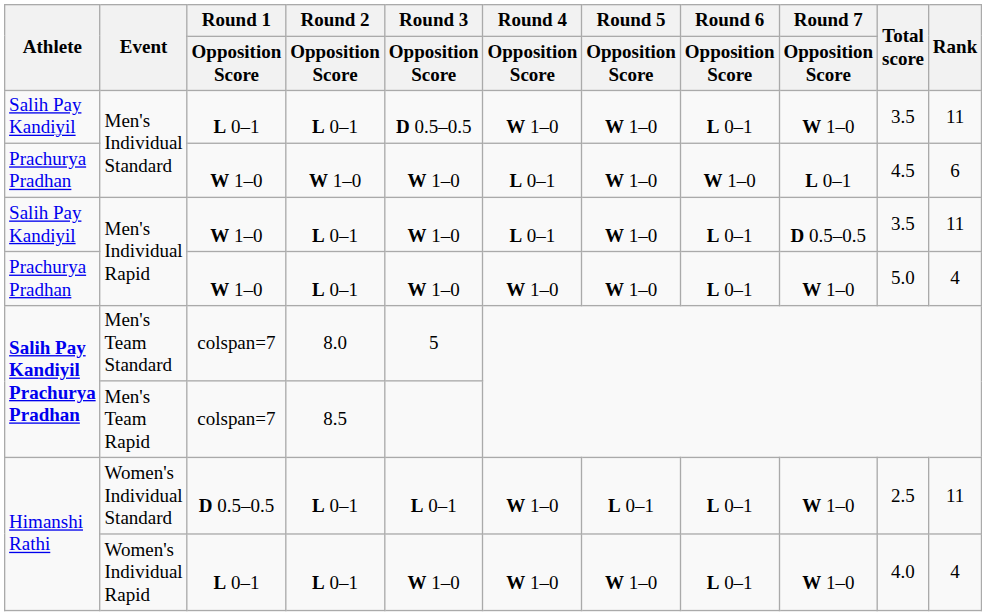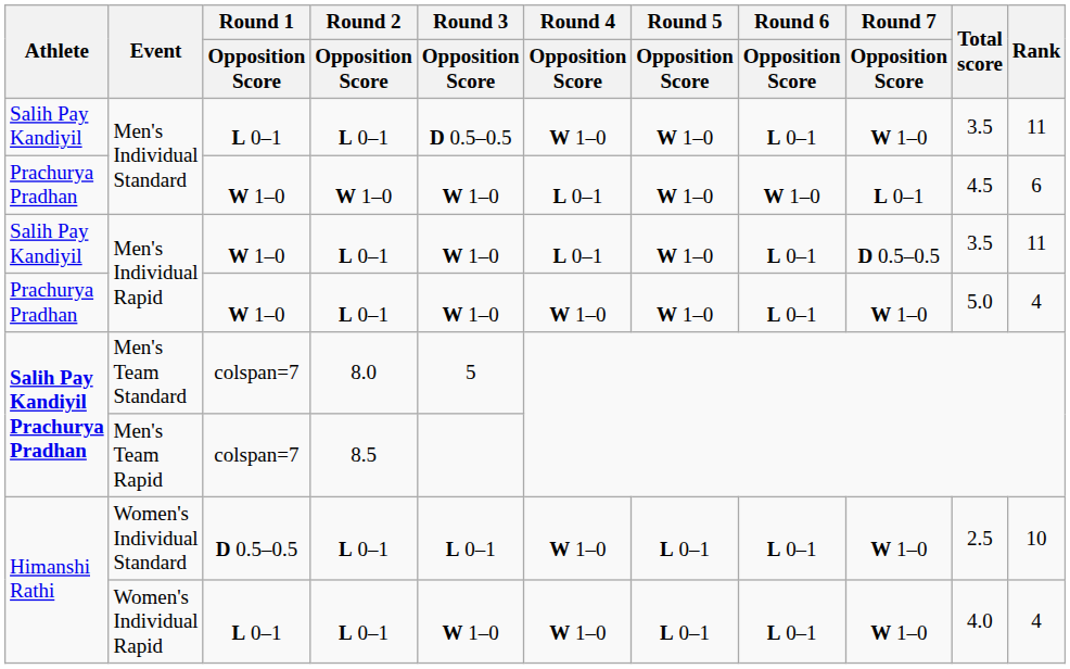 <table class="wikitable" style="text-align:center; font-size:90%">
 <tr>
 <th rowspan=2 width=120>Athlete</th>
 <th rowspan=2>Event</th>
 <th>Round 1</th>
 <th>Round 2</th>
 <th>Round 3</th>
 <th>Round 4</th>
 <th>Round 5</th>
 <th>Round 6</th>
 <th>Round 7</th>
 <th rowspan=2>Total score</th>
 <th rowspan=2>Rank</th>
 </tr>
 <tr>
 <th>Opposition<br>Score</th>
 <th>Opposition<br>Score</th>
 <th>Opposition<br>Score</th>
 <th>Opposition<br>Score</th>
 <th>Opposition<br>Score</th>
 <th>Opposition<br>Score</th>
 <th>Opposition<br>Score</th>
 </tr>
 <tr>
 <td align="left"><a href='#'>Salih Pay Kandiyil</a></td>
 <td align="left" rowspan="2">Men's Individual Standard</td>
 <td><br><strong>L</strong> 0–1</td>
 <td><br><strong>L</strong> 0–1</td>
 <td><br><strong>D</strong> 0.5–0.5</td>
 <td><br><strong>W</strong> 1–0</td>
 <td><br><strong>W</strong> 1–0</td>
 <td><br><strong>L</strong> 0–1</td>
 <td><br><strong>W</strong> 1–0</td>
 <td>3.5</td>
 <td>11</td>
 </tr>
 <tr>
 <td align="left"><a href='#'>Prachurya Pradhan</a></td>
 <td><br><strong>W</strong> 1–0</td>
 <td><br><strong>W</strong> 1–0</td>
 <td><br><strong>W</strong> 1–0</td>
 <td><br><strong>L</strong> 0–1</td>
 <td><br><strong>W</strong> 1–0</td>
 <td><br><strong>W</strong> 1–0</td>
 <td><br><strong>L</strong> 0–1</td>
 <td>4.5</td>
 <td>6</td>
 </tr>
 <tr>
 <td align="left"><a href='#'>Salih Pay Kandiyil</a></td>
 <td align="left" rowspan="2">Men's Individual Rapid</td>
 <td><br><strong>W</strong> 1–0</td>
 <td><br><strong>L</strong> 0–1</td>
 <td><br><strong>W</strong> 1–0</td>
 <td><br><strong>L</strong> 0–1</td>
 <td><br><strong>W</strong> 1–0</td>
 <td><br><strong>L</strong> 0–1</td>
 <td><br><strong>D</strong> 0.5–0.5</td>
 <td>3.5</td>
 <td>11</td>
 </tr>
 <tr>
 <td align="left"><a href='#'>Prachurya Pradhan</a></td>
 <td><br><strong>W</strong> 1–0</td>
 <td><br><strong>L</strong> 0–1</td>
 <td><br><strong>W</strong> 1–0</td>
 <td><br><strong>W</strong> 1–0</td>
 <td><br><strong>W</strong> 1–0</td>
 <td><br><strong>L</strong> 0–1</td>
 <td><br><strong>W</strong> 1–0</td>
 <td>5.0</td>
 <td>4</td>
 </tr>
 <tr>
 <td align="left" rowspan=2><strong><a href='#'>Salih Pay Kandiyil</a><br><a href='#'>Prachurya Pradhan</a></strong></td>
 <td align="left">Men's Team Standard</td>
 <td>colspan=7 </td>
 <td>8.0</td>
 <td>5</td>
 </tr>
 <tr>
 <td align="left">Men's Team Rapid</td>
 <td>colspan=7 </td>
 <td>8.5</td>
 <td></td>
 </tr>
 <tr>
 <td align="left" rowspan=2><a href='#'>Himanshi Rathi</a></td>
 <td align="left">Women's Individual Standard</td>
 <td><br><strong>D</strong> 0.5–0.5</td>
 <td><br><strong>L</strong> 0–1</td>
 <td><br><strong>L</strong> 0–1</td>
 <td><br><strong>W</strong> 1–0</td>
 <td><br><strong>L</strong> 0–1</td>
 <td><br><strong>L</strong> 0–1</td>
 <td><br><strong>W</strong> 1–0</td>
 <td>2.5</td>
-<td>11</td>
+<td>10</td>
 </tr>
 <tr>
 <td align="left">Women's Individual Rapid</td>
 <td><br><strong>L</strong> 0–1</td>
 <td><br><strong>L</strong> 0–1</td>
 <td><br><strong>W</strong> 1–0</td>
 <td><br><strong>W</strong> 1–0</td>
-<td><br><strong>W</strong> 1–0</td>
+<td><br><strong>L</strong> 0–1</td>
 <td><br><strong>L</strong> 0–1</td>
 <td><br><strong>W</strong> 1–0</td>
 <td>4.0</td>
 <td>4</td>
 </tr>
 </table>
